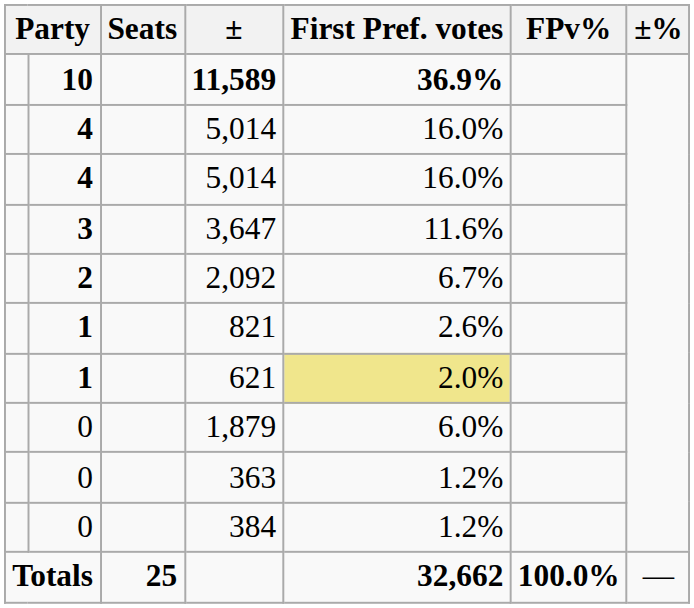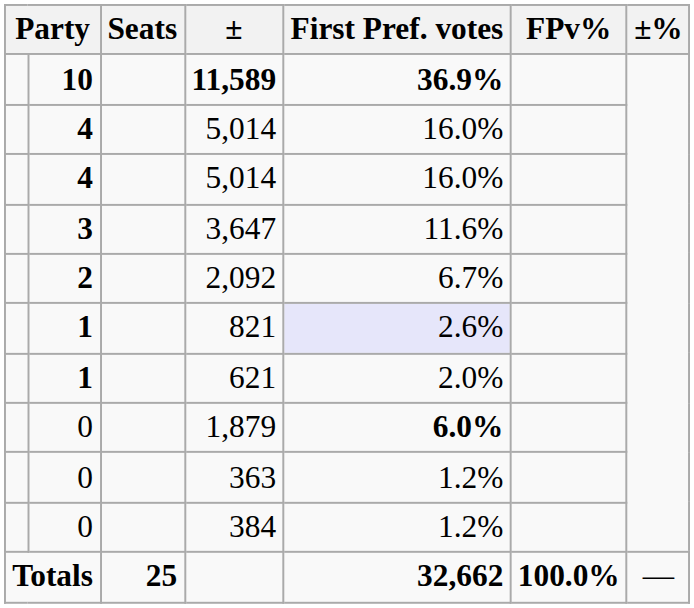 <table class=wikitable>
 <tr>
 <th colspan=2 align=center>Party</th>
 <th valign=top>Seats</th>
 <th valign=top>±</th>
 <th valign=top>First Pref. votes</th>
 <th valign=top>FPv%</th>
 <th valign=top>±%</th>
 </tr>
 <tr>
 <td></td>
 <td align=right><strong>10</strong></td>
 <td align=right></td>
 <td align=right><strong>11,589</strong></td>
 <td align=right><strong>36.9%</strong></td>
 <td align=right></td>
 </tr>
 <tr>
 <td></td>
 <td align=right><strong>4</strong></td>
 <td align=right></td>
 <td align=right>5,014</td>
 <td align=right>16.0%</td>
 <td align=right></td>
 </tr>
 <tr>
 <td></td>
 <td align=right><strong>4</strong></td>
 <td align=right></td>
 <td align=right>5,014</td>
 <td align=right>16.0%</td>
 <td align=right></td>
 </tr>
 <tr>
 <td></td>
 <td align=right><strong>3</strong></td>
 <td align=right></td>
 <td align=right>3,647</td>
 <td align=right>11.6%</td>
 <td align=right></td>
 </tr>
 <tr>
 <td></td>
 <td align=right><strong>2</strong></td>
 <td align=right></td>
 <td align=right>2,092</td>
 <td align=right>6.7%</td>
 <td align=right></td>
 </tr>
 <tr>
 <td></td>
 <td align=right><strong>1</strong></td>
 <td align=right></td>
 <td align=right>821</td>
-<td align=right>2.6%</td>
+<td align=right style="background: lavender;">2.6%</td>
 <td align=right></td>
 </tr>
 <tr>
 <td></td>
 <td align=right><strong>1</strong></td>
 <td align=right></td>
 <td align=right>621</td>
-<td align=right style="background: khaki;">2.0%</td>
+<td align=right>2.0%</td>
 <td align=right></td>
 </tr>
 <tr>
 <td></td>
 <td align=right>0</td>
 <td align=right></td>
 <td align=right>1,879</td>
-<td align=right>6.0%</td>
+<td align=right><strong>6.0%</strong></td>
 <td align=right></td>
 </tr>
 <tr>
 <td></td>
 <td align=right>0</td>
 <td align=right></td>
 <td align=right>363</td>
 <td align=right>1.2%</td>
 <td align=right></td>
 </tr>
 <tr>
 <td></td>
 <td align=right>0</td>
 <td align=right></td>
 <td align=right>384</td>
 <td align=right>1.2%</td>
 <td align=right></td>
 </tr>
 <tr>
 <td colspan=2 align=center><strong>Totals</strong></td>
 <td align=right><strong>25</strong></td>
 <td align=center></td>
 <td align=right><strong>32,662</strong></td>
 <td align=center><strong>100.0%</strong></td>
 <td align=center>—</td>
 </tr>
 </table>
